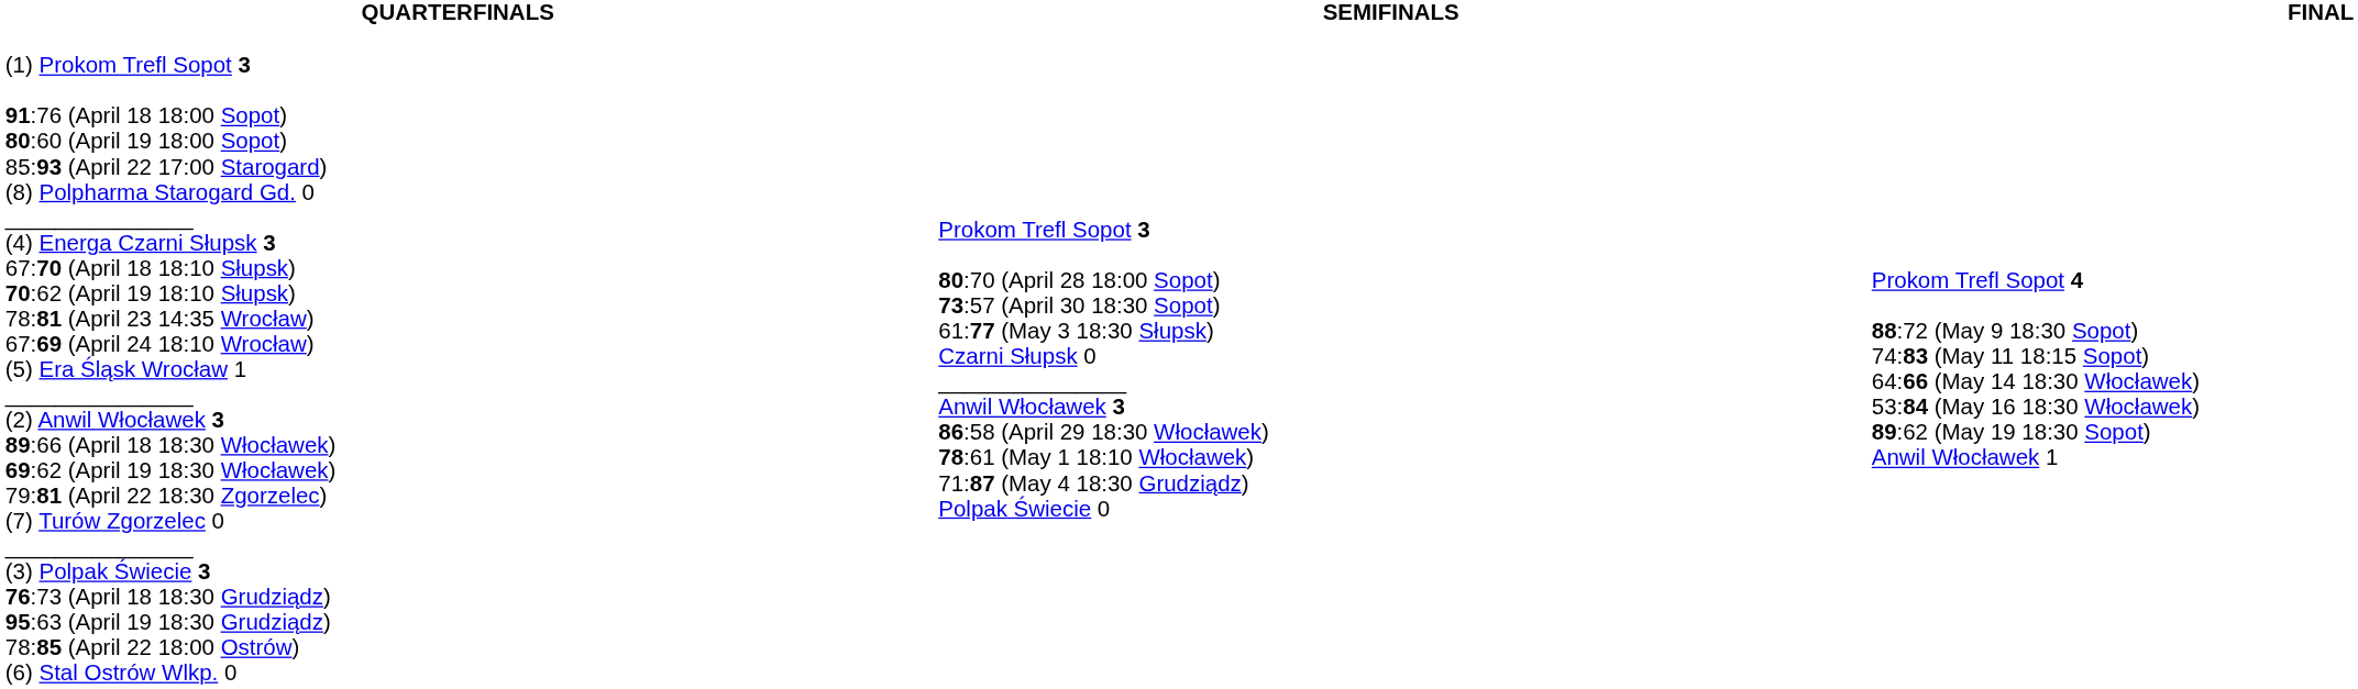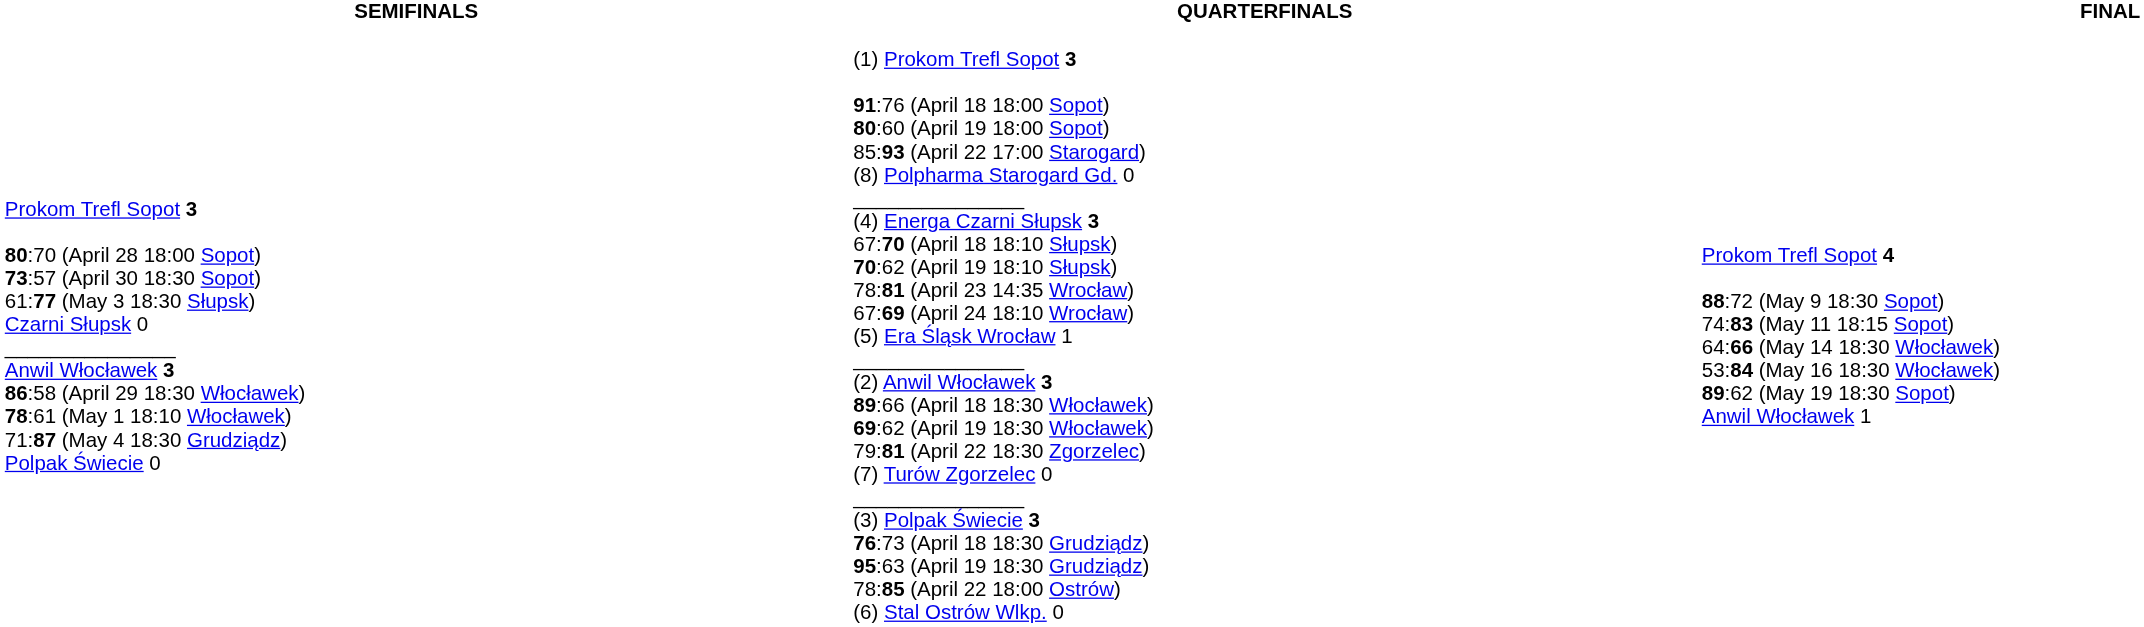 <table border="0" cellspacing="0" cellpadding="10" width=100%>
 <tr>
+<th>SEMIFINALS</th>
 <th>QUARTERFINALS</th>
-<th>SEMIFINALS</th>
 <th>FINAL</th>
 </tr>
 <tr>
+<td><a href='#'>Prokom Trefl Sopot</a> <strong>3</strong><br><br><strong>80</strong>:70 (April 28 18:00 <a href='#'>Sopot</a>)<br> <strong>73</strong>:57 (April 30 18:30 <a href='#'>Sopot</a>)<br> 61:<strong>77</strong> (May 3 18:30 <a href='#'>Słupsk</a>)<br> <a href='#'>Czarni Słupsk</a> 0<br> _______________<br> <a href='#'>Anwil Włocławek</a> <strong>3</strong><br> <strong>86</strong>:58 (April 29 18:30 <a href='#'>Włocławek</a>)<br> <strong>78</strong>:61 (May 1 18:10 <a href='#'>Włocławek</a>)<br> 71:<strong>87</strong> (May 4 18:30 <a href='#'>Grudziądz</a>)<br> <a href='#'>Polpak Świecie</a> 0</td>
 <td>(1) <a href='#'>Prokom Trefl Sopot</a> <strong>3</strong><br><br><strong>91</strong>:76 (April 18 18:00 <a href='#'>Sopot</a>)<br> <strong>80</strong>:60 (April 19 18:00 <a href='#'>Sopot</a>)<br> 85:<strong>93</strong> (April 22 17:00 <a href='#'>Starogard</a>)<br> (8) <a href='#'>Polpharma Starogard Gd.</a> 0<br> _______________<br> (4) <a href='#'>Energa Czarni Słupsk</a> <strong>3</strong><br> 67:<strong>70</strong> (April 18 18:10 <a href='#'>Słupsk</a>)<br> <strong>70</strong>:62 (April 19 18:10 <a href='#'>Słupsk</a>)<br> 78:<strong>81</strong> (April 23 14:35 <a href='#'>Wrocław</a>)<br> 67:<strong>69</strong> (April 24 18:10 <a href='#'>Wrocław</a>)<br> (5) <a href='#'>Era Śląsk Wrocław</a> 1<br> _______________<br> (2) <a href='#'>Anwil Włocławek</a> <strong>3</strong><br> <strong>89</strong>:66 (April 18 18:30 <a href='#'>Włocławek</a>)<br> <strong>69</strong>:62 (April 19 18:30 <a href='#'>Włocławek</a>)<br> 79:<strong>81</strong> (April 22 18:30 <a href='#'>Zgorzelec</a>)<br> (7) <a href='#'>Turów Zgorzelec</a> 0<br> _______________<br> (3) <a href='#'>Polpak Świecie</a> <strong>3</strong><br> <strong>76</strong>:73 (April 18 18:30 <a href='#'>Grudziądz</a>)<br> <strong>95</strong>:63 (April 19 18:30 <a href='#'>Grudziądz</a>)<br> 78:<strong>85</strong> (April 22 18:00 <a href='#'>Ostrów</a>)<br> (6) <a href='#'>Stal Ostrów Wlkp.</a> 0<br></td>
-<td><a href='#'>Prokom Trefl Sopot</a> <strong>3</strong><br><br><strong>80</strong>:70 (April 28 18:00 <a href='#'>Sopot</a>)<br> <strong>73</strong>:57 (April 30 18:30 <a href='#'>Sopot</a>)<br> 61:<strong>77</strong> (May 3 18:30 <a href='#'>Słupsk</a>)<br> <a href='#'>Czarni Słupsk</a> 0<br> _______________<br> <a href='#'>Anwil Włocławek</a> <strong>3</strong><br> <strong>86</strong>:58 (April 29 18:30 <a href='#'>Włocławek</a>)<br> <strong>78</strong>:61 (May 1 18:10 <a href='#'>Włocławek</a>)<br> 71:<strong>87</strong> (May 4 18:30 <a href='#'>Grudziądz</a>)<br> <a href='#'>Polpak Świecie</a> 0</td>
 <td><a href='#'>Prokom Trefl Sopot</a> <strong>4</strong><br><br><strong>88</strong>:72 (May 9 18:30 <a href='#'>Sopot</a>)<br> 74:<strong>83</strong> (May 11 18:15 <a href='#'>Sopot</a>)<br> 64:<strong>66</strong> (May 14 18:30 <a href='#'>Włocławek</a>)<br> 53:<strong>84</strong> (May 16 18:30 <a href='#'>Włocławek</a>)<br> <strong>89</strong>:62 (May 19 18:30 <a href='#'>Sopot</a>)<br> <a href='#'>Anwil Włocławek</a> 1</td>
 </tr>
 </table>
